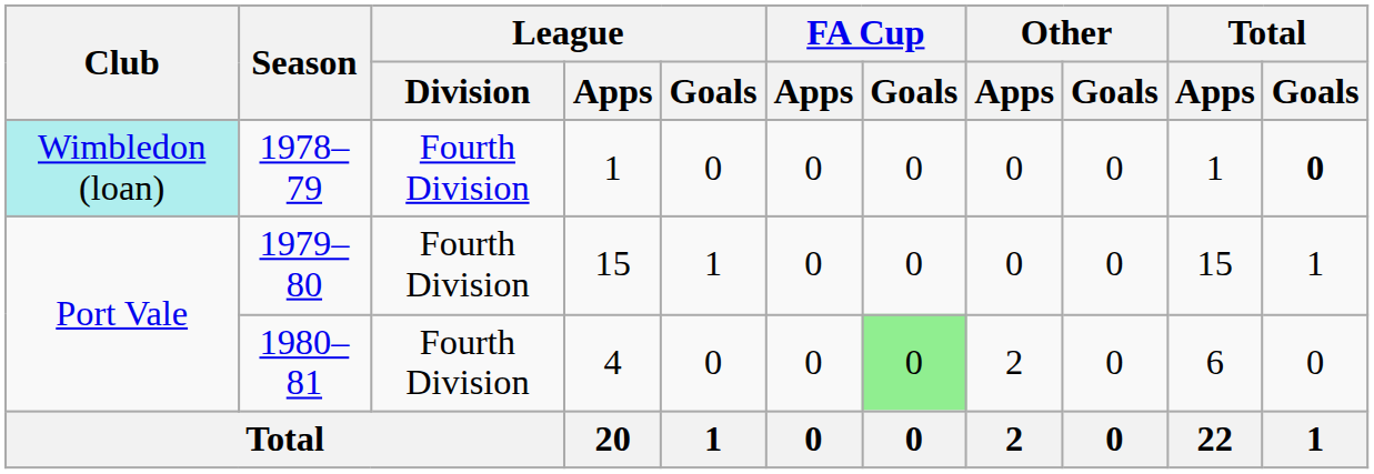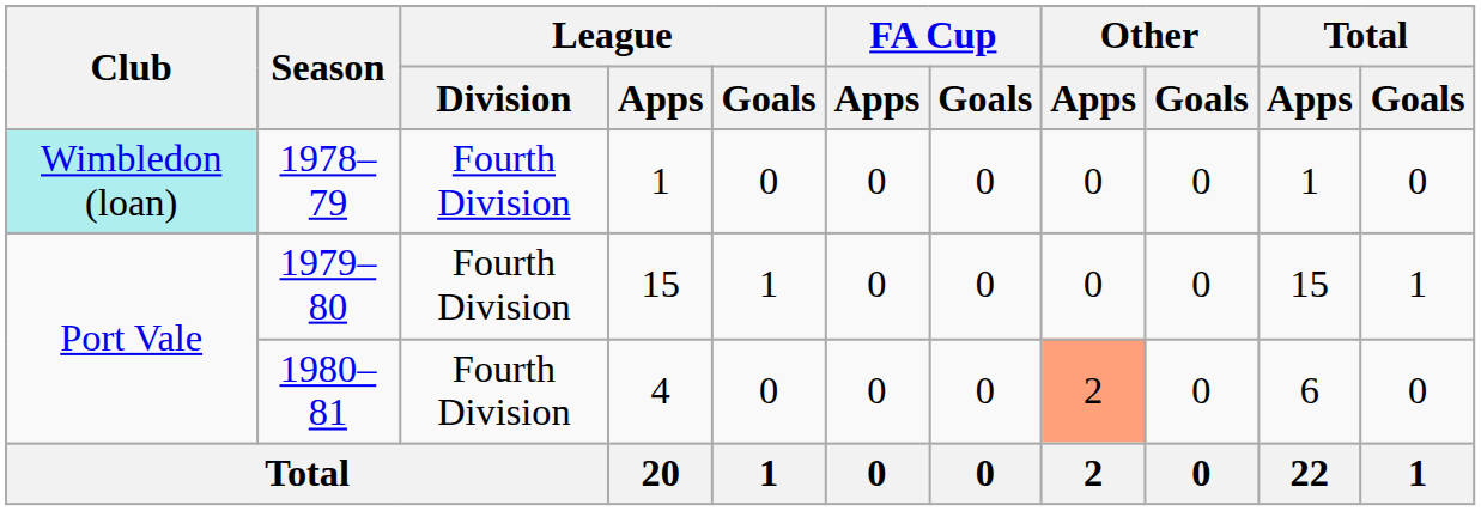 <table class="wikitable" style="text-align:center">
 <tr>
 <th rowspan="2">Club</th>
 <th rowspan="2">Season</th>
 <th colspan="3">League</th>
 <th colspan="2"><a href='#'>FA Cup</a></th>
 <th colspan="2">Other</th>
 <th colspan="2">Total</th>
 </tr>
 <tr>
 <th>Division</th>
 <th>Apps</th>
 <th>Goals</th>
 <th>Apps</th>
 <th>Goals</th>
 <th>Apps</th>
 <th>Goals</th>
 <th>Apps</th>
 <th>Goals</th>
 </tr>
 <tr>
 <td style="background: paleturquoise;"><a href='#'>Wimbledon</a> (loan)</td>
 <td><a href='#'>1978–79</a></td>
 <td><a href='#'>Fourth Division</a></td>
 <td>1</td>
 <td>0</td>
 <td>0</td>
 <td>0</td>
 <td>0</td>
 <td>0</td>
 <td>1</td>
-<td><strong>0</strong></td>
+<td>0</td>
 </tr>
 <tr>
 <td rowspan="2"><a href='#'>Port Vale</a></td>
 <td><a href='#'>1979–80</a></td>
 <td>Fourth Division</td>
 <td>15</td>
 <td>1</td>
 <td>0</td>
 <td>0</td>
 <td>0</td>
 <td>0</td>
 <td>15</td>
 <td>1</td>
 </tr>
 <tr>
 <td><a href='#'>1980–81</a></td>
 <td>Fourth Division</td>
 <td>4</td>
 <td>0</td>
 <td>0</td>
-<td style="background: lightgreen;">0</td>
-<td>2</td>
+<td>0</td>
+<td style="background: lightsalmon;">2</td>
 <td>0</td>
 <td>6</td>
 <td>0</td>
 </tr>
 <tr>
 <th colspan="3">Total</th>
 <th>20</th>
 <th>1</th>
 <th>0</th>
 <th>0</th>
 <th>2</th>
 <th>0</th>
 <th>22</th>
 <th>1</th>
 </tr>
 </table>
